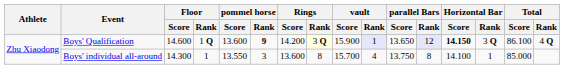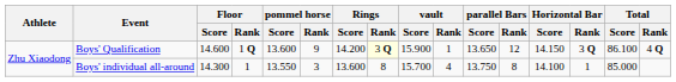 <table class="wikitable" border="1" style="font-size:90%">
 <tr>
 <th rowspan=2>Athlete</th>
 <th rowspan=2>Event</th>
 <th colspan=2>Floor</th>
 <th colspan=2>pommel horse</th>
 <th colspan=2>Rings</th>
 <th colspan=2>vault</th>
 <th colspan=2>parallel Bars</th>
 <th colspan=2>Horizontal Bar</th>
 <th colspan=2>Total</th>
 </tr>
 <tr>
 <th>Score</th>
 <th>Rank</th>
 <th>Score</th>
 <th>Rank</th>
 <th>Score</th>
 <th>Rank</th>
 <th>Score</th>
 <th>Rank</th>
 <th>Score</th>
 <th>Rank</th>
 <th>Score</th>
 <th>Rank</th>
 <th>Score</th>
 <th>Rank</th>
 </tr>
 <tr>
 <td rowspan=2><a href='#'>Zhu Xiaodong</a></td>
 <td><a href='#'>Boys' Qualification</a></td>
 <td align=center>14.600</td>
 <td align=center>1 <strong>Q</strong></td>
 <td align=center>13.600</td>
-<td align=center><strong>9</strong></td>
+<td align=center>9</td>
 <td align=center>14.200</td>
 <td align=center style="background: lightyellow;">3 <strong>Q</strong></td>
 <td align=center>15.900</td>
-<td align=center style="background: lavender;">1</td>
+<td align=center>1</td>
 <td align=center>13.650</td>
-<td align=center style="background: lavender;">12</td>
-<td align=center><strong>14.150</strong></td>
+<td align=center>12</td>
+<td align=center>14.150</td>
 <td align=center>3 <strong>Q</strong></td>
 <td align=center>86.100</td>
 <td align=center>4 <strong>Q</strong></td>
 </tr>
 <tr>
 <td><a href='#'>Boys' individual all-around</a></td>
 <td align=center>14.300</td>
 <td align=center>1</td>
 <td align=center>13.550</td>
 <td align=center>3</td>
 <td align=center>13.600</td>
 <td align=center>8</td>
 <td align=center>15.700</td>
 <td align=center>4</td>
 <td align=center>13.750</td>
 <td align=center>8</td>
 <td align=center>14.100</td>
 <td align=center>1</td>
 <td align=center>85.000</td>
 <td align=center></td>
 </tr>
 </table>
